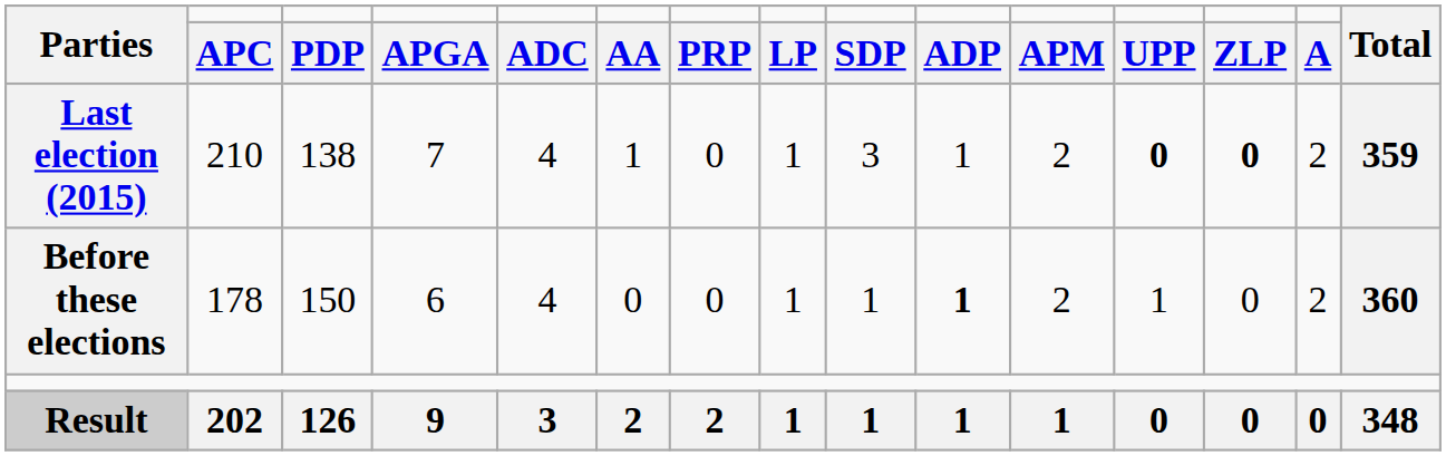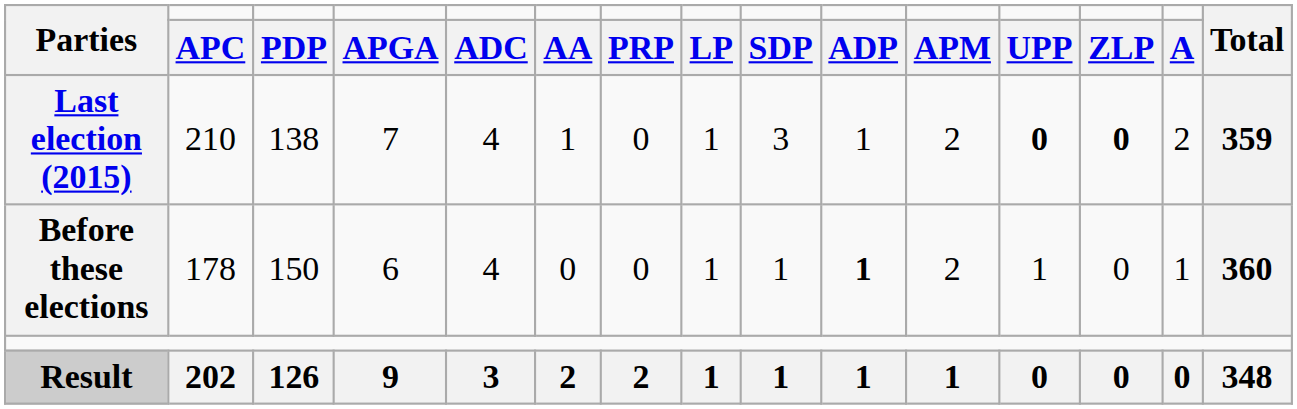 <table class=wikitable style=text-align:center>
 <tr>
 <th colspan=3 rowspan=2>Parties</th>
 <td style="background-color:"></td>
 <td style="background-color:"></td>
 <td style="background-color:"></td>
 <td style="background-color:"></td>
 <td style="background-color:"></td>
 <td style="background-color:"></td>
 <td style="background-color:"></td>
 <td style="background-color:"></td>
 <td style="background-color:"></td>
 <td style="background-color:"></td>
 <td style="background-color:"></td>
 <td style="background-color:"></td>
 <td style="background-color:"></td>
 <th rowspan=2>Total</th>
 </tr>
 <tr>
 <th><a href='#'>APC</a></th>
 <th><a href='#'>PDP</a></th>
 <th><a href='#'>APGA</a></th>
 <th><a href='#'>ADC</a></th>
 <th><a href='#'>AA</a></th>
 <th><a href='#'>PRP</a></th>
 <th><a href='#'>LP</a></th>
 <th><a href='#'>SDP</a></th>
 <th><a href='#'>ADP</a></th>
 <th><a href='#'>APM</a></th>
 <th><a href='#'>UPP</a></th>
 <th><a href='#'>ZLP</a></th>
 <th><a href='#'>A</a></th>
 </tr>
 <tr>
 <th colspan=3><a href='#'>Last election (2015)</a></th>
 <td>210</td>
 <td>138</td>
 <td>7</td>
 <td>4</td>
 <td>1</td>
 <td>0</td>
 <td>1</td>
 <td>3</td>
 <td>1</td>
 <td>2</td>
 <td><strong>0</strong></td>
 <td><strong>0</strong></td>
 <td>2</td>
 <th>359</th>
 </tr>
 <tr>
 <th colspan=3>Before these elections</th>
 <td>178</td>
 <td>150</td>
 <td>6</td>
 <td>4</td>
 <td>0</td>
 <td>0</td>
 <td>1</td>
 <td>1</td>
 <td><strong>1</strong></td>
 <td>2</td>
 <td>1</td>
 <td>0</td>
-<td>2</td>
+<td>1</td>
 <th>360</th>
 </tr>
 <tr>
 <td colspan=100></td>
 </tr>
 <tr>
 <th colspan=3 style="background:#ccc">Result</th>
 <th>202</th>
 <th>126</th>
 <th>9</th>
 <th>3</th>
 <th>2</th>
 <th>2</th>
 <th>1</th>
 <th>1</th>
 <th>1</th>
 <th>1</th>
 <th>0</th>
 <th>0</th>
 <th>0</th>
 <th>348</th>
 </tr>
 </table>
